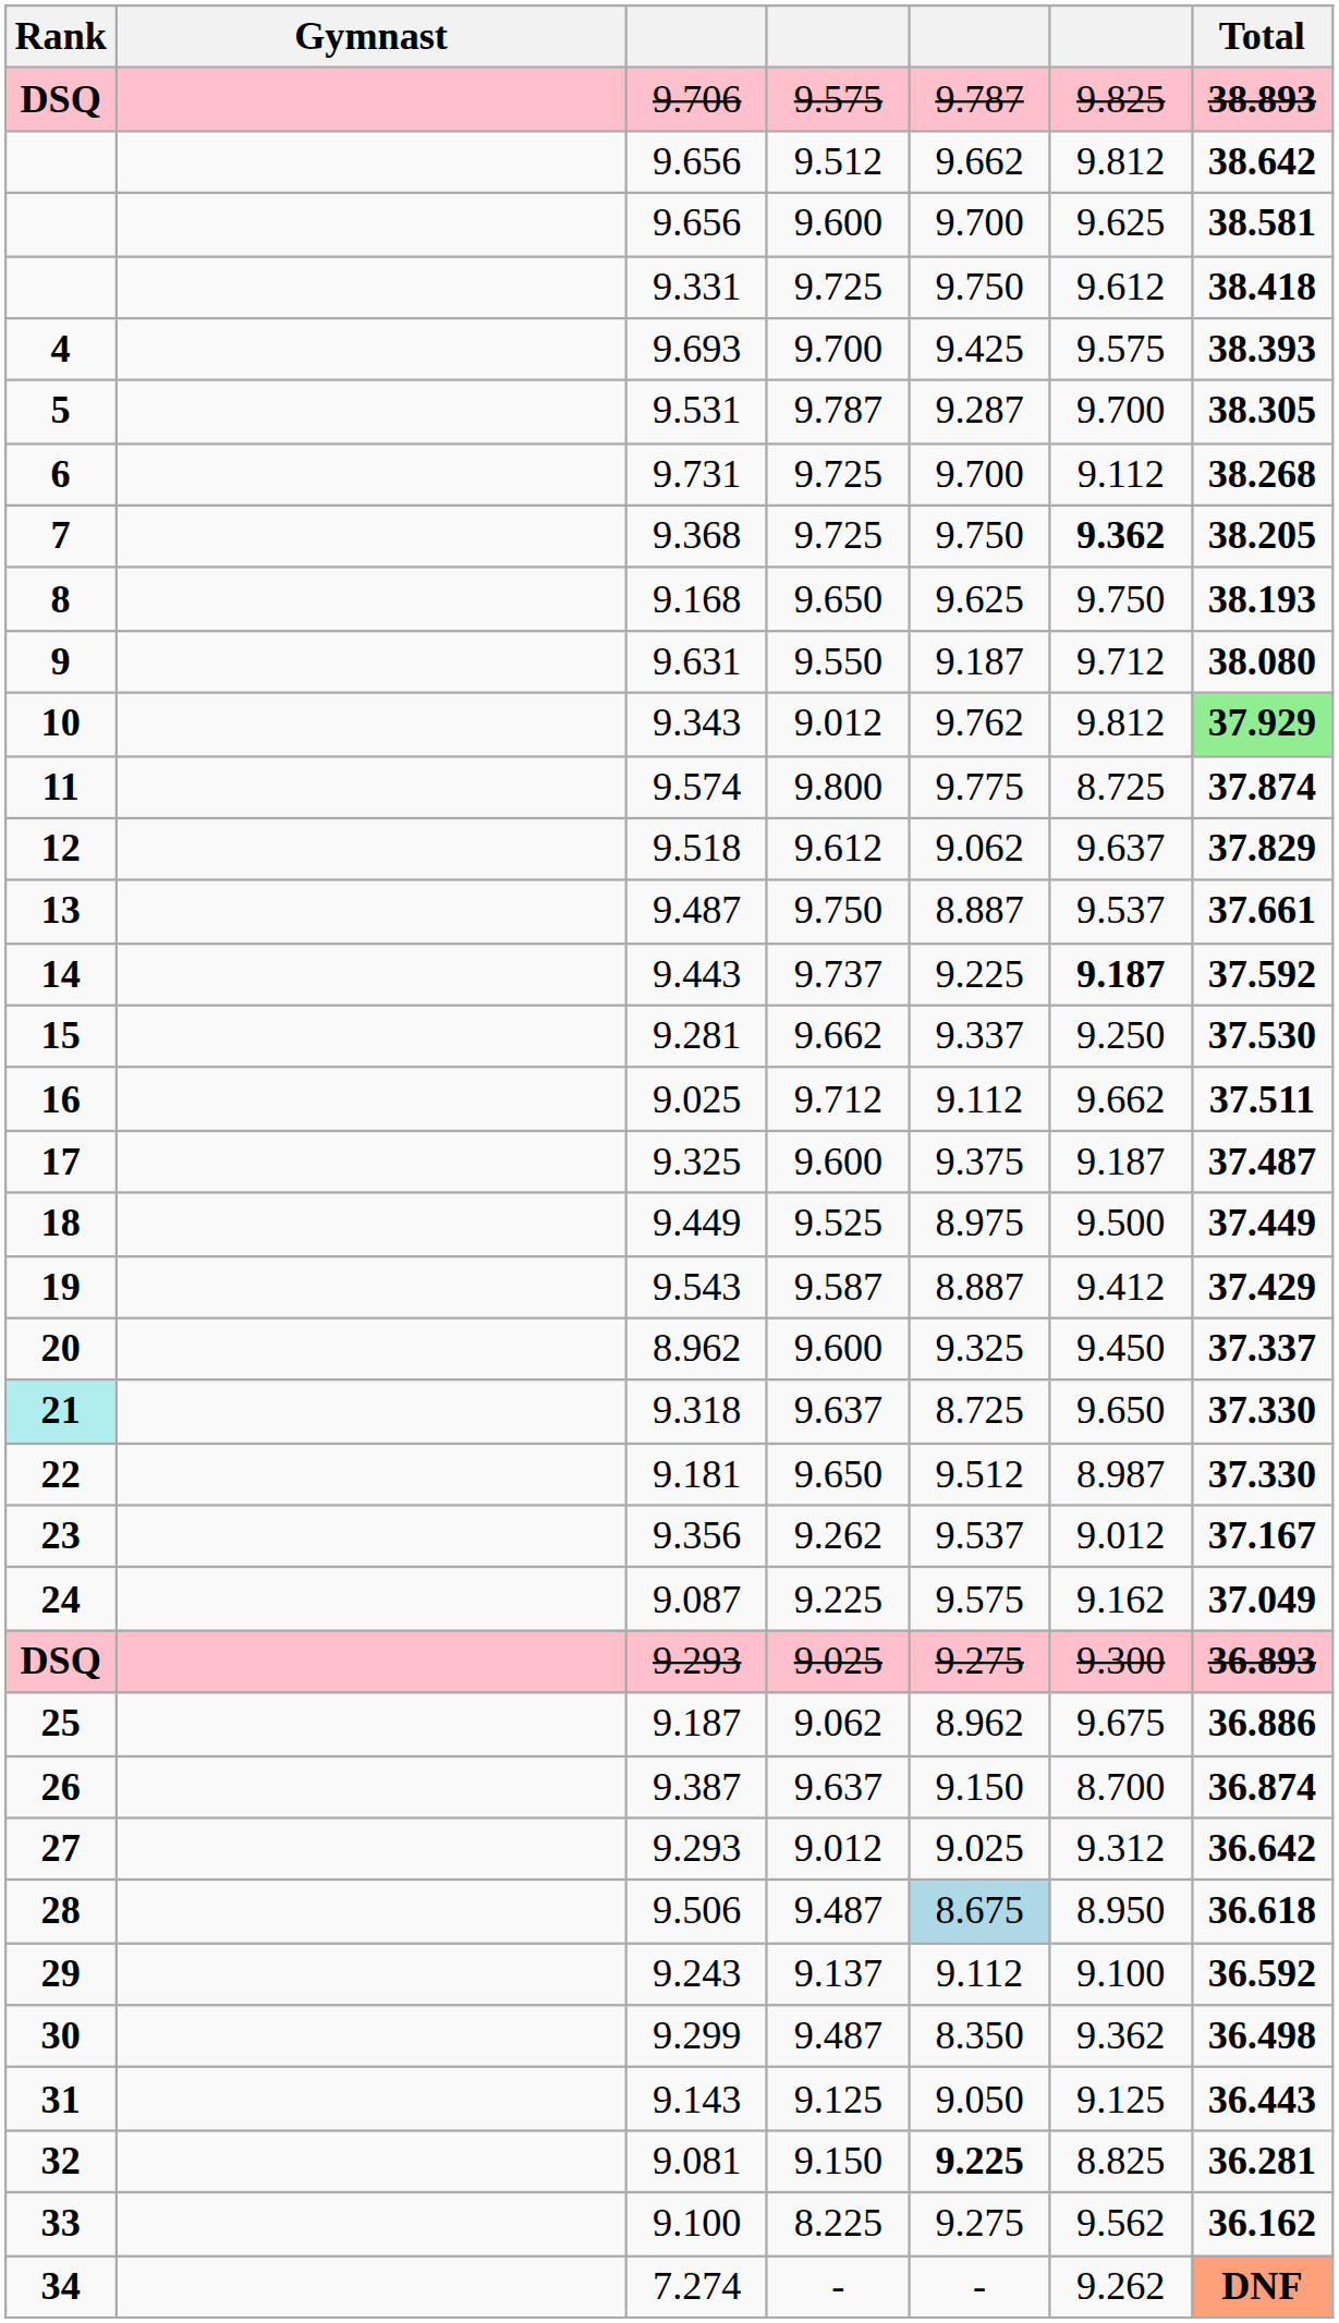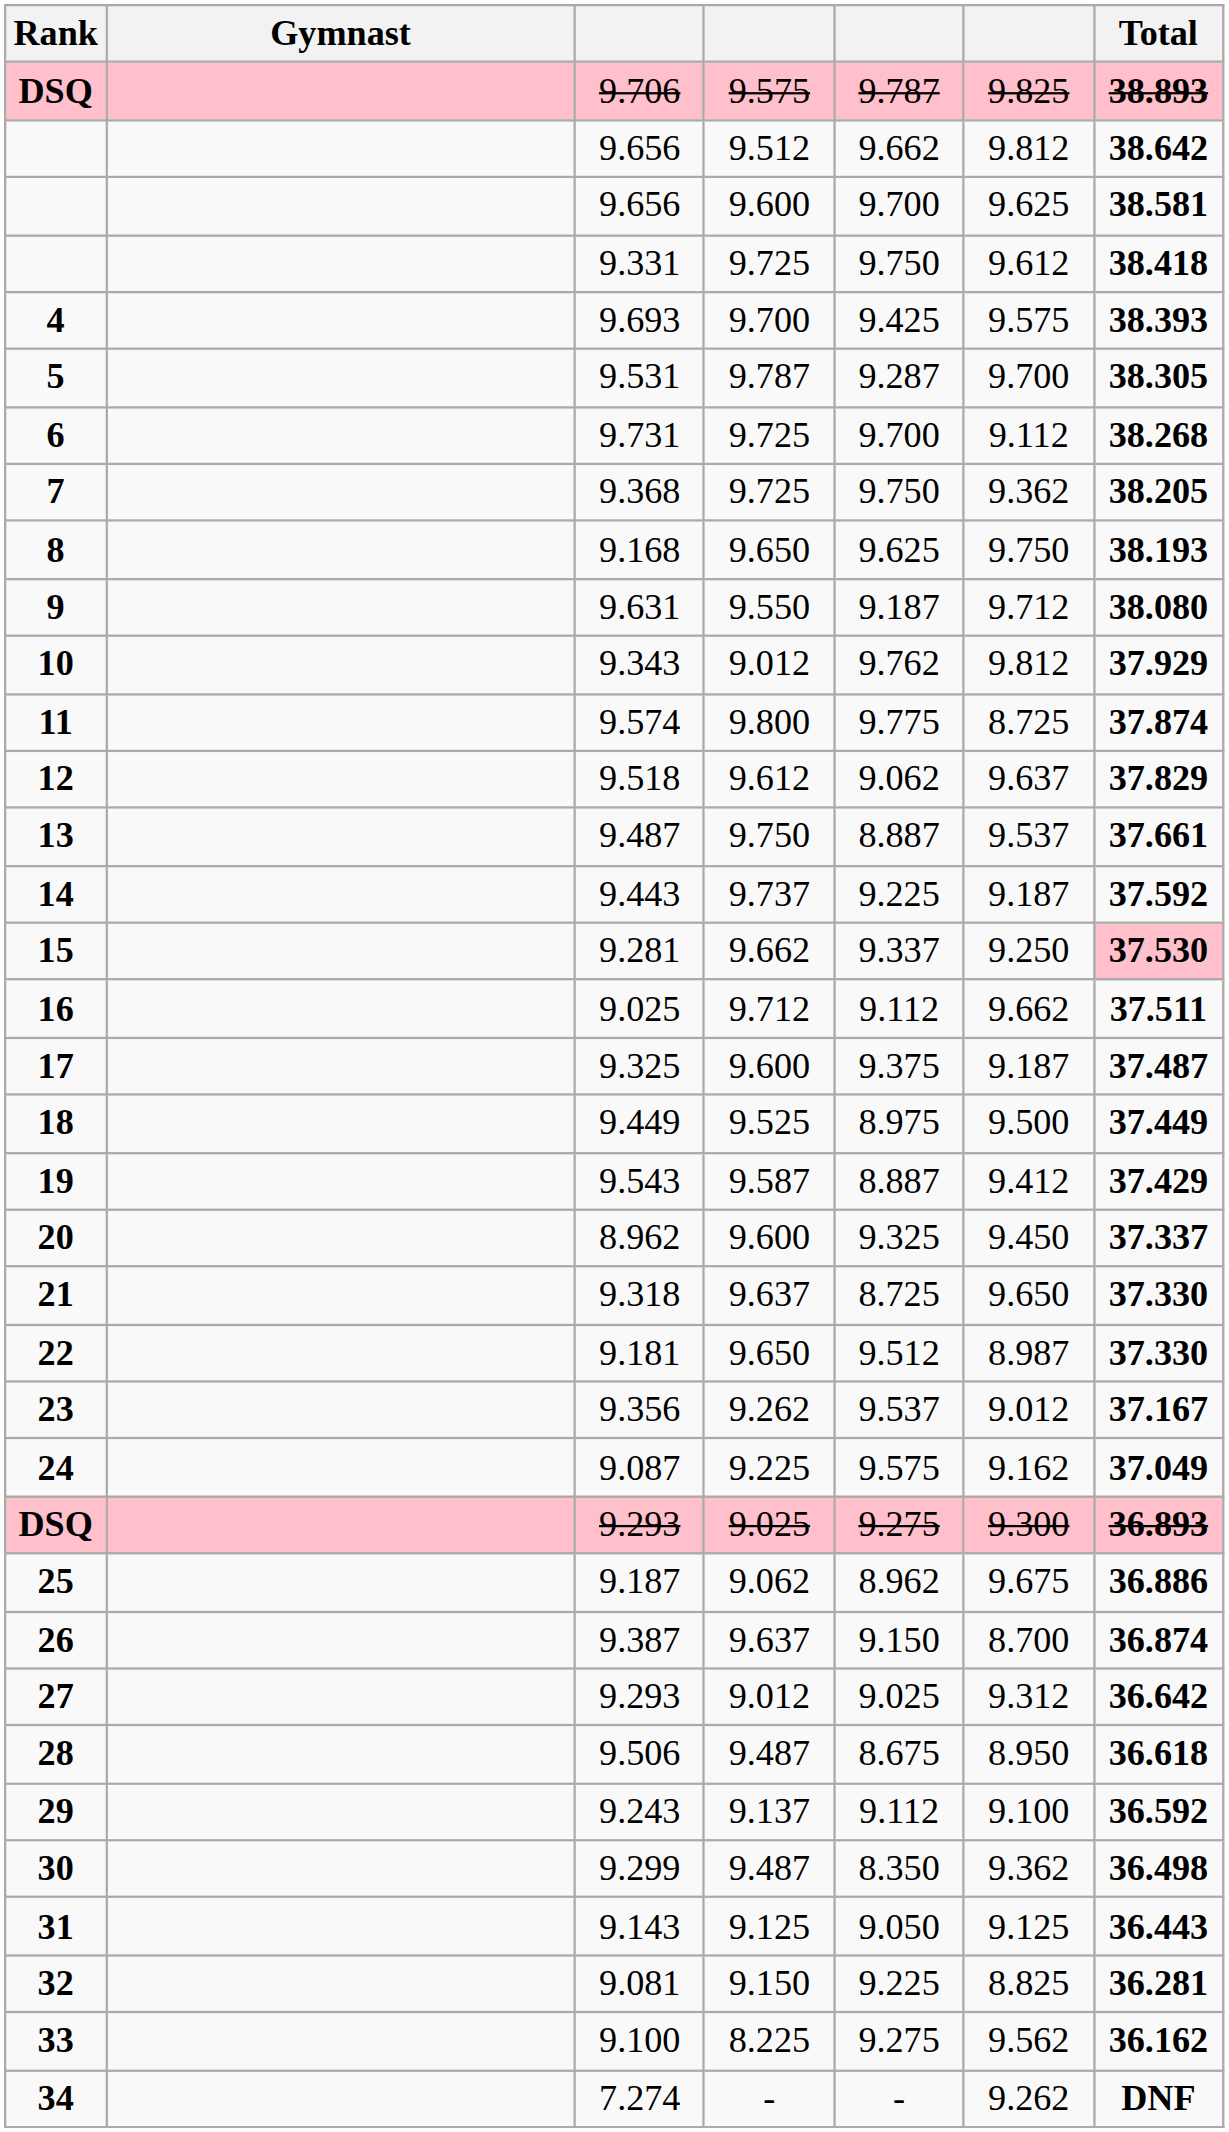 <table class="wikitable sortable" style="text-align:center; font-size:100%">
 <tr>
 <th scope="col" style="width:15px;"><strong>Rank</strong></th>
 <th scope="col" style="width:200px;">Gymnast</th>
 <th scope="col" style="width:50px;"></th>
 <th scope="col" style="width:50px;"></th>
 <th scope="col" style="width:50px;"></th>
 <th scope="col" style="width:50px;"></th>
 <th scope="col" style="width:50px;">Total</th>
 </tr>
 <tr bgcolor=pink>
 <td scope="row" style="text-align:center;"><strong>DSQ</strong></td>
 <td align=left></td>
 <td><s>9.706</s></td>
 <td><s>9.575</s></td>
 <td><s>9.787</s></td>
 <td><s>9.825</s></td>
 <td><s><strong>38.893</strong></s></td>
 </tr>
 <tr>
 <td scope="row" style="text-align:center;"><strong></strong></td>
 <td align=left></td>
 <td>9.656</td>
 <td>9.512</td>
 <td>9.662</td>
 <td>9.812</td>
 <td><strong>38.642</strong></td>
 </tr>
 <tr>
 <td scope="row" style="text-align:center;"><strong></strong></td>
 <td align=left></td>
 <td>9.656</td>
 <td>9.600</td>
 <td>9.700</td>
 <td>9.625</td>
 <td><strong>38.581</strong></td>
 </tr>
 <tr>
 <td scope="row" style="text-align:center;"><strong></strong></td>
 <td align=left></td>
 <td>9.331</td>
 <td>9.725</td>
 <td>9.750</td>
 <td>9.612</td>
 <td><strong>38.418</strong></td>
 </tr>
 <tr>
 <td scope="row" style="text-align:center;"><strong>4</strong></td>
 <td align=left></td>
 <td>9.693</td>
 <td>9.700</td>
 <td>9.425</td>
 <td>9.575</td>
 <td><strong>38.393</strong></td>
 </tr>
 <tr>
 <td scope="row" style="text-align:center;"><strong>5</strong></td>
 <td align=left></td>
 <td>9.531</td>
 <td>9.787</td>
 <td>9.287</td>
 <td>9.700</td>
 <td><strong>38.305</strong></td>
 </tr>
 <tr>
 <td scope="row" style="text-align:center;"><strong>6</strong></td>
 <td align=left></td>
 <td>9.731</td>
 <td>9.725</td>
 <td>9.700</td>
 <td>9.112</td>
 <td><strong>38.268</strong></td>
 </tr>
 <tr>
 <td scope="row" style="text-align:center;"><strong>7</strong></td>
 <td align=left></td>
 <td>9.368</td>
 <td>9.725</td>
 <td>9.750</td>
-<td><strong>9.362</strong></td>
+<td>9.362</td>
 <td><strong>38.205</strong></td>
 </tr>
 <tr>
 <td scope="row" style="text-align:center;"><strong>8</strong></td>
 <td align=left></td>
 <td>9.168</td>
 <td>9.650</td>
 <td>9.625</td>
 <td>9.750</td>
 <td><strong>38.193</strong></td>
 </tr>
 <tr>
 <td scope="row" style="text-align:center;"><strong>9</strong></td>
 <td align=left></td>
 <td>9.631</td>
 <td>9.550</td>
 <td>9.187</td>
 <td>9.712</td>
 <td><strong>38.080</strong></td>
 </tr>
 <tr>
 <td scope="row" style="text-align:center;"><strong>10</strong></td>
 <td align=left></td>
 <td>9.343</td>
 <td>9.012</td>
 <td>9.762</td>
 <td>9.812</td>
-<td style="background: lightgreen;"><strong>37.929</strong></td>
+<td><strong>37.929</strong></td>
 </tr>
 <tr>
 <td scope="row" style="text-align:center;"><strong>11</strong></td>
 <td align=left></td>
 <td>9.574</td>
 <td>9.800</td>
 <td>9.775</td>
 <td>8.725</td>
 <td><strong>37.874</strong></td>
 </tr>
 <tr>
 <td scope="row" style="text-align:center;"><strong>12</strong></td>
 <td align=left></td>
 <td>9.518</td>
 <td>9.612</td>
 <td>9.062</td>
 <td>9.637</td>
 <td><strong>37.829</strong></td>
 </tr>
 <tr>
 <td scope="row" style="text-align:center;"><strong>13</strong></td>
 <td align=left></td>
 <td>9.487</td>
 <td>9.750</td>
 <td>8.887</td>
 <td>9.537</td>
 <td><strong>37.661</strong></td>
 </tr>
 <tr>
 <td scope="row" style="text-align:center;"><strong>14</strong></td>
 <td align=left></td>
 <td>9.443</td>
 <td>9.737</td>
 <td>9.225</td>
-<td><strong>9.187</strong></td>
+<td>9.187</td>
 <td><strong>37.592</strong></td>
 </tr>
 <tr>
 <td scope="row" style="text-align:center;"><strong>15</strong></td>
 <td align=left></td>
 <td>9.281</td>
 <td>9.662</td>
 <td>9.337</td>
 <td>9.250</td>
-<td><strong>37.530</strong></td>
+<td style="background: pink;"><strong>37.530</strong></td>
 </tr>
 <tr>
 <td scope="row" style="text-align:center;"><strong>16</strong></td>
 <td align=left></td>
 <td>9.025</td>
 <td>9.712</td>
 <td>9.112</td>
 <td>9.662</td>
 <td><strong>37.511</strong></td>
 </tr>
 <tr>
 <td scope="row" style="text-align:center;"><strong>17</strong></td>
 <td align=left></td>
 <td>9.325</td>
 <td>9.600</td>
 <td>9.375</td>
 <td>9.187</td>
 <td><strong>37.487</strong></td>
 </tr>
 <tr>
 <td scope="row" style="text-align:center;"><strong>18</strong></td>
 <td align=left></td>
 <td>9.449</td>
 <td>9.525</td>
 <td>8.975</td>
 <td>9.500</td>
 <td><strong>37.449</strong></td>
 </tr>
 <tr>
 <td scope="row" style="text-align:center;"><strong>19</strong></td>
 <td align=left></td>
 <td>9.543</td>
 <td>9.587</td>
 <td>8.887</td>
 <td>9.412</td>
 <td><strong>37.429</strong></td>
 </tr>
 <tr>
 <td scope="row" style="text-align:center;"><strong>20</strong></td>
 <td align=left></td>
 <td>8.962</td>
 <td>9.600</td>
 <td>9.325</td>
 <td>9.450</td>
 <td><strong>37.337</strong></td>
 </tr>
 <tr>
-<td scope="row" style="background: paleturquoise; text-align:center;"><strong>21</strong></td>
+<td scope="row" style="text-align:center;"><strong>21</strong></td>
 <td align=left></td>
 <td>9.318</td>
 <td>9.637</td>
 <td>8.725</td>
 <td>9.650</td>
 <td><strong>37.330</strong></td>
 </tr>
 <tr>
 <td scope="row" style="text-align:center;"><strong>22</strong></td>
 <td align=left></td>
 <td>9.181</td>
 <td>9.650</td>
 <td>9.512</td>
 <td>8.987</td>
 <td><strong>37.330</strong></td>
 </tr>
 <tr>
 <td scope="row" style="text-align:center;"><strong>23</strong></td>
 <td align=left></td>
 <td>9.356</td>
 <td>9.262</td>
 <td>9.537</td>
 <td>9.012</td>
 <td><strong>37.167</strong></td>
 </tr>
 <tr>
 <td scope="row" style="text-align:center;"><strong>24</strong></td>
 <td align=left></td>
 <td>9.087</td>
 <td>9.225</td>
 <td>9.575</td>
 <td>9.162</td>
 <td><strong>37.049</strong></td>
 </tr>
 <tr bgcolor=pink>
 <td scope="row" style="text-align:center;"><strong>DSQ</strong></td>
 <td align=left></td>
 <td><s>9.293</s></td>
 <td><s>9.025</s></td>
 <td><s>9.275</s></td>
 <td><s>9.300</s></td>
 <td><s><strong>36.893</strong></s></td>
 </tr>
 <tr>
 <td scope="row" style="text-align:center;"><strong>25</strong></td>
 <td align=left></td>
 <td>9.187</td>
 <td>9.062</td>
 <td>8.962</td>
 <td>9.675</td>
 <td><strong>36.886</strong></td>
 </tr>
 <tr>
 <td scope="row" style="text-align:center;"><strong>26</strong></td>
 <td align=left></td>
 <td>9.387</td>
 <td>9.637</td>
 <td>9.150</td>
 <td>8.700</td>
 <td><strong>36.874</strong></td>
 </tr>
 <tr>
 <td scope="row" style="text-align:center;"><strong>27</strong></td>
 <td align=left></td>
 <td>9.293</td>
 <td>9.012</td>
 <td>9.025</td>
 <td>9.312</td>
 <td><strong>36.642</strong></td>
 </tr>
 <tr>
 <td scope="row" style="text-align:center;"><strong>28</strong></td>
 <td align=left></td>
 <td>9.506</td>
 <td>9.487</td>
-<td style="background: lightblue;">8.675</td>
+<td>8.675</td>
 <td>8.950</td>
 <td><strong>36.618</strong></td>
 </tr>
 <tr>
 <td scope="row" style="text-align:center;"><strong>29</strong></td>
 <td align=left></td>
 <td>9.243</td>
 <td>9.137</td>
 <td>9.112</td>
 <td>9.100</td>
 <td><strong>36.592</strong></td>
 </tr>
 <tr>
 <td scope="row" style="text-align:center;"><strong>30</strong></td>
 <td align=left></td>
 <td>9.299</td>
 <td>9.487</td>
 <td>8.350</td>
 <td>9.362</td>
 <td><strong>36.498</strong></td>
 </tr>
 <tr>
 <td scope="row" style="text-align:center;"><strong>31</strong></td>
 <td align=left></td>
 <td>9.143</td>
 <td>9.125</td>
 <td>9.050</td>
 <td>9.125</td>
 <td><strong>36.443</strong></td>
 </tr>
 <tr>
 <td scope="row" style="text-align:center;"><strong>32</strong></td>
 <td align=left></td>
 <td>9.081</td>
 <td>9.150</td>
-<td><strong>9.225</strong></td>
+<td>9.225</td>
 <td>8.825</td>
 <td><strong>36.281</strong></td>
 </tr>
 <tr>
 <td scope="row" style="text-align:center;"><strong>33</strong></td>
 <td align=left></td>
 <td>9.100</td>
 <td>8.225</td>
 <td>9.275</td>
 <td>9.562</td>
 <td><strong>36.162</strong></td>
 </tr>
 <tr>
 <td scope="row" style="text-align:center;"><strong>34</strong></td>
 <td align=left></td>
 <td>7.274</td>
 <td>-</td>
 <td>-</td>
 <td>9.262</td>
-<td style="background: lightsalmon;"><strong>DNF</strong></td>
+<td><strong>DNF</strong></td>
 </tr>
 <tr>
 </tr>
 </table>
